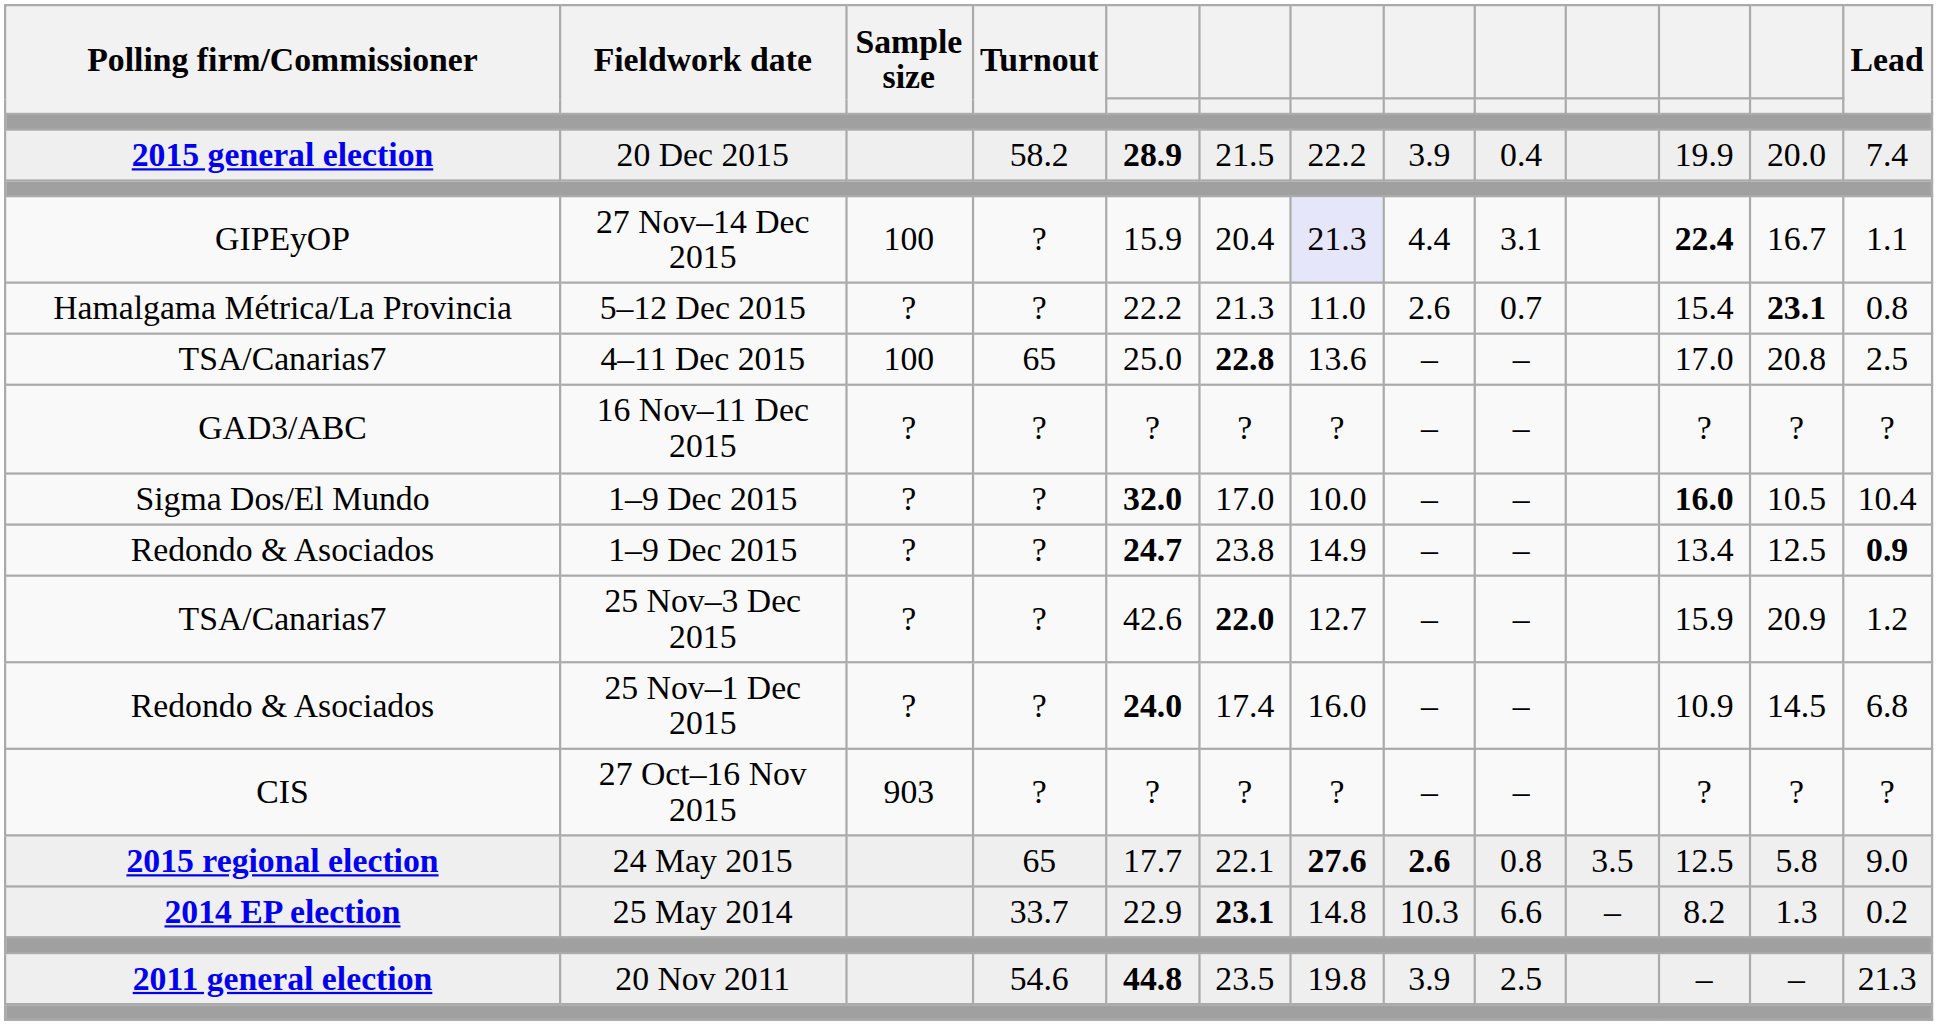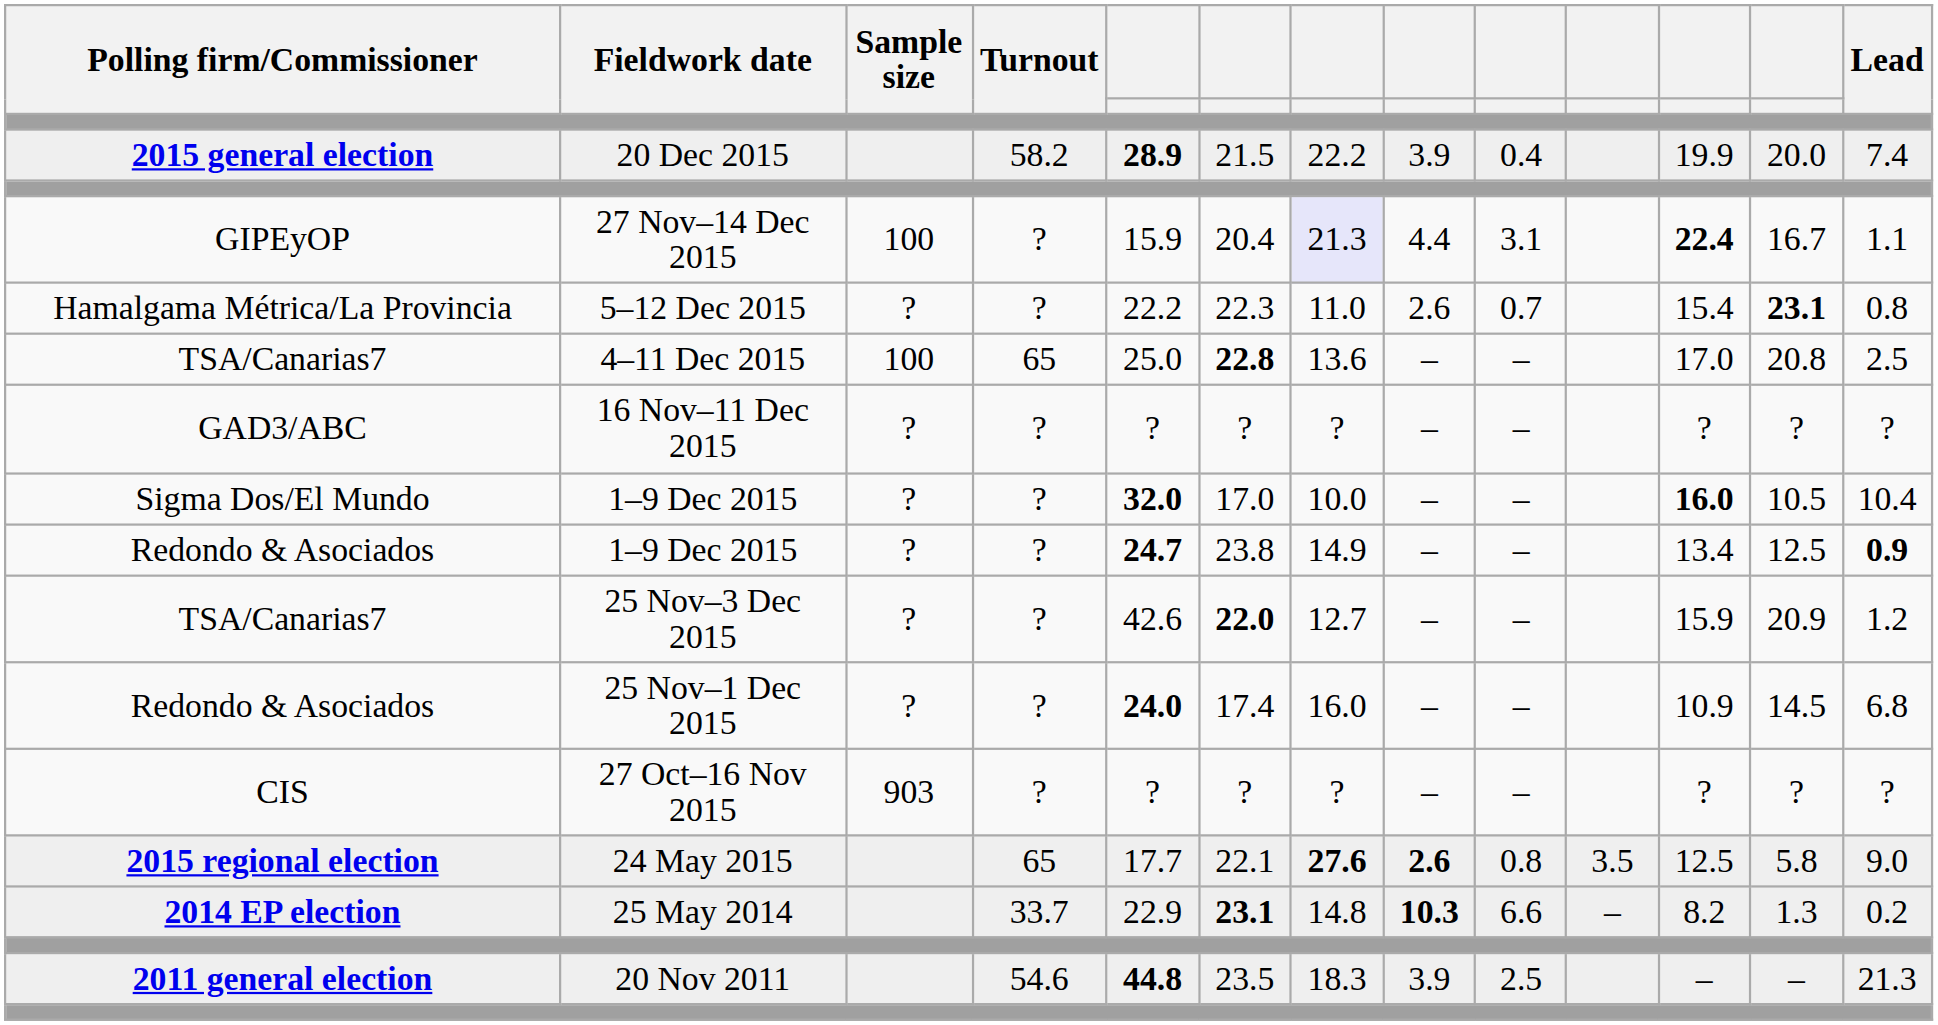 <table class="wikitable collapsible collapsed" style="text-align:center; font-size:95%; line-height:16px;">
 <tr style="height:42px; background-color:#E9E9E9">
 <th style="width:250px;" rowspan="2">Polling firm/Commissioner</th>
 <th style="width:125px;" rowspan="2">Fieldwork date</th>
 <th style="width:50px;" rowspan="2">Sample size</th>
 <th style="width:45px;" rowspan="2">Turnout</th>
 <th style="width:35px;"></th>
 <th style="width:35px;"></th>
 <th style="width:35px;"></th>
 <th style="width:35px;"></th>
 <th style="width:35px;"></th>
 <th style="width:35px;"></th>
 <th style="width:35px;"></th>
 <th style="width:35px;"></th>
 <th style="width:30px;" rowspan="2">Lead</th>
 </tr>
 <tr>
 <th style="color:inherit;background:"></th>
 <th style="color:inherit;background:"></th>
 <th style="color:inherit;background:"></th>
 <th style="color:inherit;background:"></th>
 <th style="color:inherit;background:"></th>
 <th style="color:inherit;background:"></th>
 <th style="color:inherit;background:"></th>
 <th style="color:inherit;background:"></th>
 </tr>
 <tr>
 <td colspan="13" style="background:#A0A0A0"></td>
 </tr>
 <tr style="background:#EFEFEF;">
 <td><strong><a href='#'>2015 general election</a></strong></td>
 <td>20 Dec 2015</td>
 <td></td>
 <td>58.2</td>
 <td><strong>28.9</strong><br></td>
 <td>21.5<br></td>
 <td>22.2<br></td>
 <td>3.9<br></td>
 <td>0.4<br></td>
 <td></td>
 <td>19.9<br></td>
 <td>20.0<br></td>
 <td style="background:">7.4</td>
 </tr>
 <tr>
 <td colspan="13" style="background:#A0A0A0"></td>
 </tr>
 <tr>
 <td>GIPEyOP</td>
 <td>27 Nov–14 Dec 2015</td>
 <td>100</td>
 <td>?</td>
 <td>15.9<br></td>
 <td>20.4<br></td>
 <td style="background: lavender;">21.3<br></td>
 <td>4.4<br></td>
 <td>3.1<br></td>
 <td></td>
 <td><strong>22.4</strong><br></td>
 <td>16.7<br></td>
 <td style="background:">1.1</td>
 </tr>
 <tr>
 <td>Hamalgama Métrica/La Provincia</td>
 <td>5–12 Dec 2015</td>
 <td>?</td>
 <td>?</td>
 <td>22.2<br></td>
-<td>21.3<br></td>
+<td>22.3<br></td>
 <td>11.0<br></td>
 <td>2.6<br></td>
 <td>0.7<br></td>
 <td></td>
 <td>15.4<br></td>
 <td><strong>23.1</strong><br></td>
 <td style="background:">0.8</td>
 </tr>
 <tr>
 <td>TSA/Canarias7</td>
 <td>4–11 Dec 2015</td>
 <td>100</td>
 <td>65</td>
 <td>25.0<br></td>
 <td><strong>22.8</strong><br></td>
 <td>13.6<br></td>
 <td>–</td>
 <td>–</td>
 <td></td>
 <td>17.0<br></td>
 <td>20.8<br></td>
 <td style="background:">2.5</td>
 </tr>
 <tr>
 <td>GAD3/ABC</td>
 <td>16 Nov–11 Dec 2015</td>
 <td>?</td>
 <td>?</td>
 <td>?<br></td>
 <td>?<br></td>
 <td>?<br></td>
 <td>–</td>
 <td>–</td>
 <td></td>
 <td>?<br></td>
 <td>?<br></td>
 <td style="background:">?</td>
 </tr>
 <tr>
 <td>Sigma Dos/El Mundo</td>
 <td>1–9 Dec 2015</td>
 <td>?</td>
 <td>?</td>
 <td><strong>32.0</strong><br></td>
 <td>17.0<br></td>
 <td>10.0<br></td>
 <td>–</td>
 <td>–</td>
 <td></td>
 <td><strong>16.0<br></strong></td>
 <td>10.5<br></td>
 <td style="background:">10.4</td>
 </tr>
 <tr>
 <td>Redondo & Asociados</td>
 <td>1–9 Dec 2015</td>
 <td>?</td>
 <td>?</td>
 <td><strong>24.7</strong><br></td>
 <td>23.8<br></td>
 <td>14.9<br></td>
 <td>–</td>
 <td>–</td>
 <td></td>
 <td>13.4<br></td>
 <td>12.5<br></td>
 <td style="background:"><strong>0.9</strong></td>
 </tr>
 <tr>
 <td>TSA/Canarias7</td>
 <td>25 Nov–3 Dec 2015</td>
 <td>?</td>
 <td>?</td>
 <td>42.6<br></td>
 <td><strong>22.0</strong><br></td>
 <td>12.7<br></td>
 <td>–</td>
 <td>–</td>
 <td></td>
 <td>15.9<br></td>
 <td>20.9<br></td>
 <td style="background:">1.2</td>
 </tr>
 <tr>
 <td>Redondo & Asociados</td>
 <td>25 Nov–1 Dec 2015</td>
 <td>?</td>
 <td>?</td>
 <td><strong>24.0</strong><br></td>
 <td>17.4<br></td>
 <td>16.0<br></td>
 <td>–</td>
 <td>–</td>
 <td></td>
 <td>10.9<br></td>
 <td>14.5<br></td>
 <td style="background:">6.8</td>
 </tr>
 <tr>
 <td>CIS</td>
 <td>27 Oct–16 Nov 2015</td>
 <td>903</td>
 <td>?</td>
 <td>?<br></td>
 <td>?<br></td>
 <td>?<br></td>
 <td>–</td>
 <td>–</td>
 <td></td>
 <td>?<br></td>
 <td>?<br></td>
 <td style="background:">?</td>
 </tr>
 <tr style="background:#EFEFEF;">
 <td><strong><a href='#'>2015 regional election</a></strong></td>
 <td>24 May 2015</td>
 <td></td>
 <td>65</td>
 <td>17.7<br></td>
 <td>22.1<br></td>
 <td><strong>27.6</strong><br></td>
 <td><strong>2.6<br></strong></td>
 <td>0.8<br></td>
 <td>3.5<br></td>
 <td>12.5<br></td>
 <td>5.8<br></td>
 <td style="background:">9.0</td>
 </tr>
 <tr style="background:#EFEFEF;">
 <td><strong><a href='#'>2014 EP election</a></strong></td>
 <td>25 May 2014</td>
 <td></td>
 <td>33.7</td>
 <td>22.9<br></td>
 <td><strong>23.1</strong><br></td>
 <td>14.8<br></td>
-<td>10.3<br></td>
+<td><strong>10.3<br></strong></td>
 <td>6.6<br></td>
 <td>–</td>
 <td>8.2<br></td>
 <td>1.3<br></td>
 <td style="background:">0.2</td>
 </tr>
 <tr>
 <td colspan="13" style="background:#A0A0A0"></td>
 </tr>
 <tr style="background:#EFEFEF;">
 <td><strong><a href='#'>2011 general election</a></strong></td>
 <td>20 Nov 2011</td>
 <td></td>
 <td>54.6</td>
 <td><strong>44.8</strong><br></td>
 <td>23.5<br></td>
-<td>19.8<br></td>
+<td>18.3<br></td>
 <td>3.9<br></td>
 <td>2.5<br></td>
 <td></td>
 <td>–</td>
 <td>–</td>
 <td style="background:">21.3</td>
 </tr>
 <tr>
 <td colspan="13" style="background:#A0A0A0"></td>
 </tr>
 </table>
